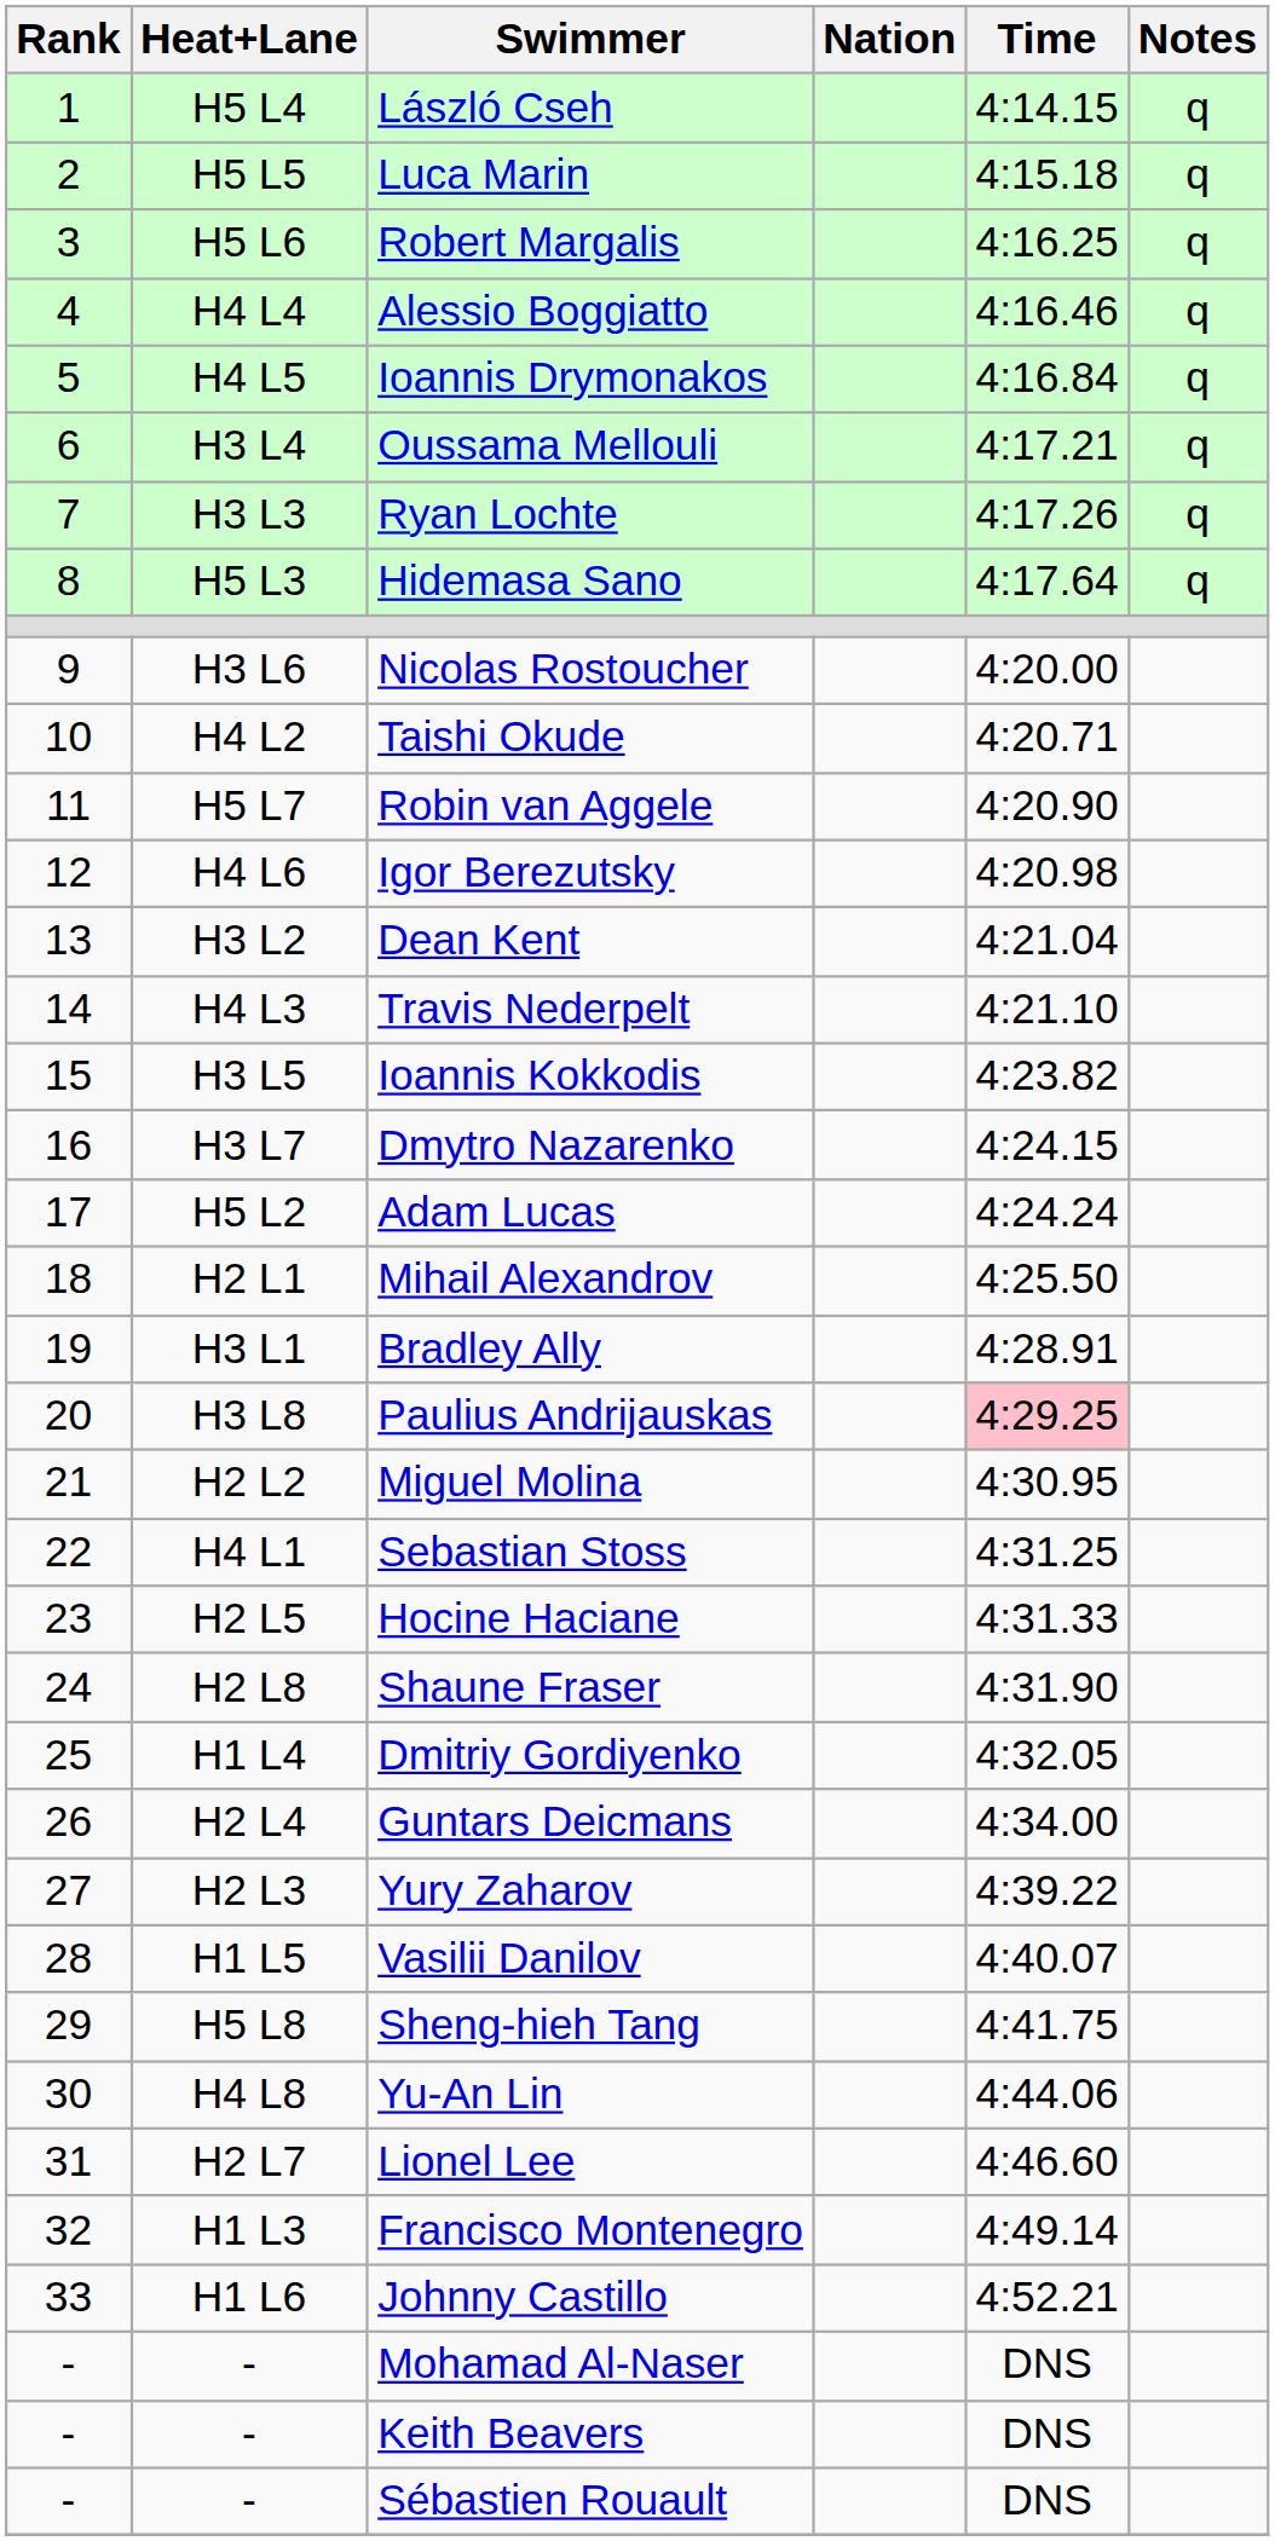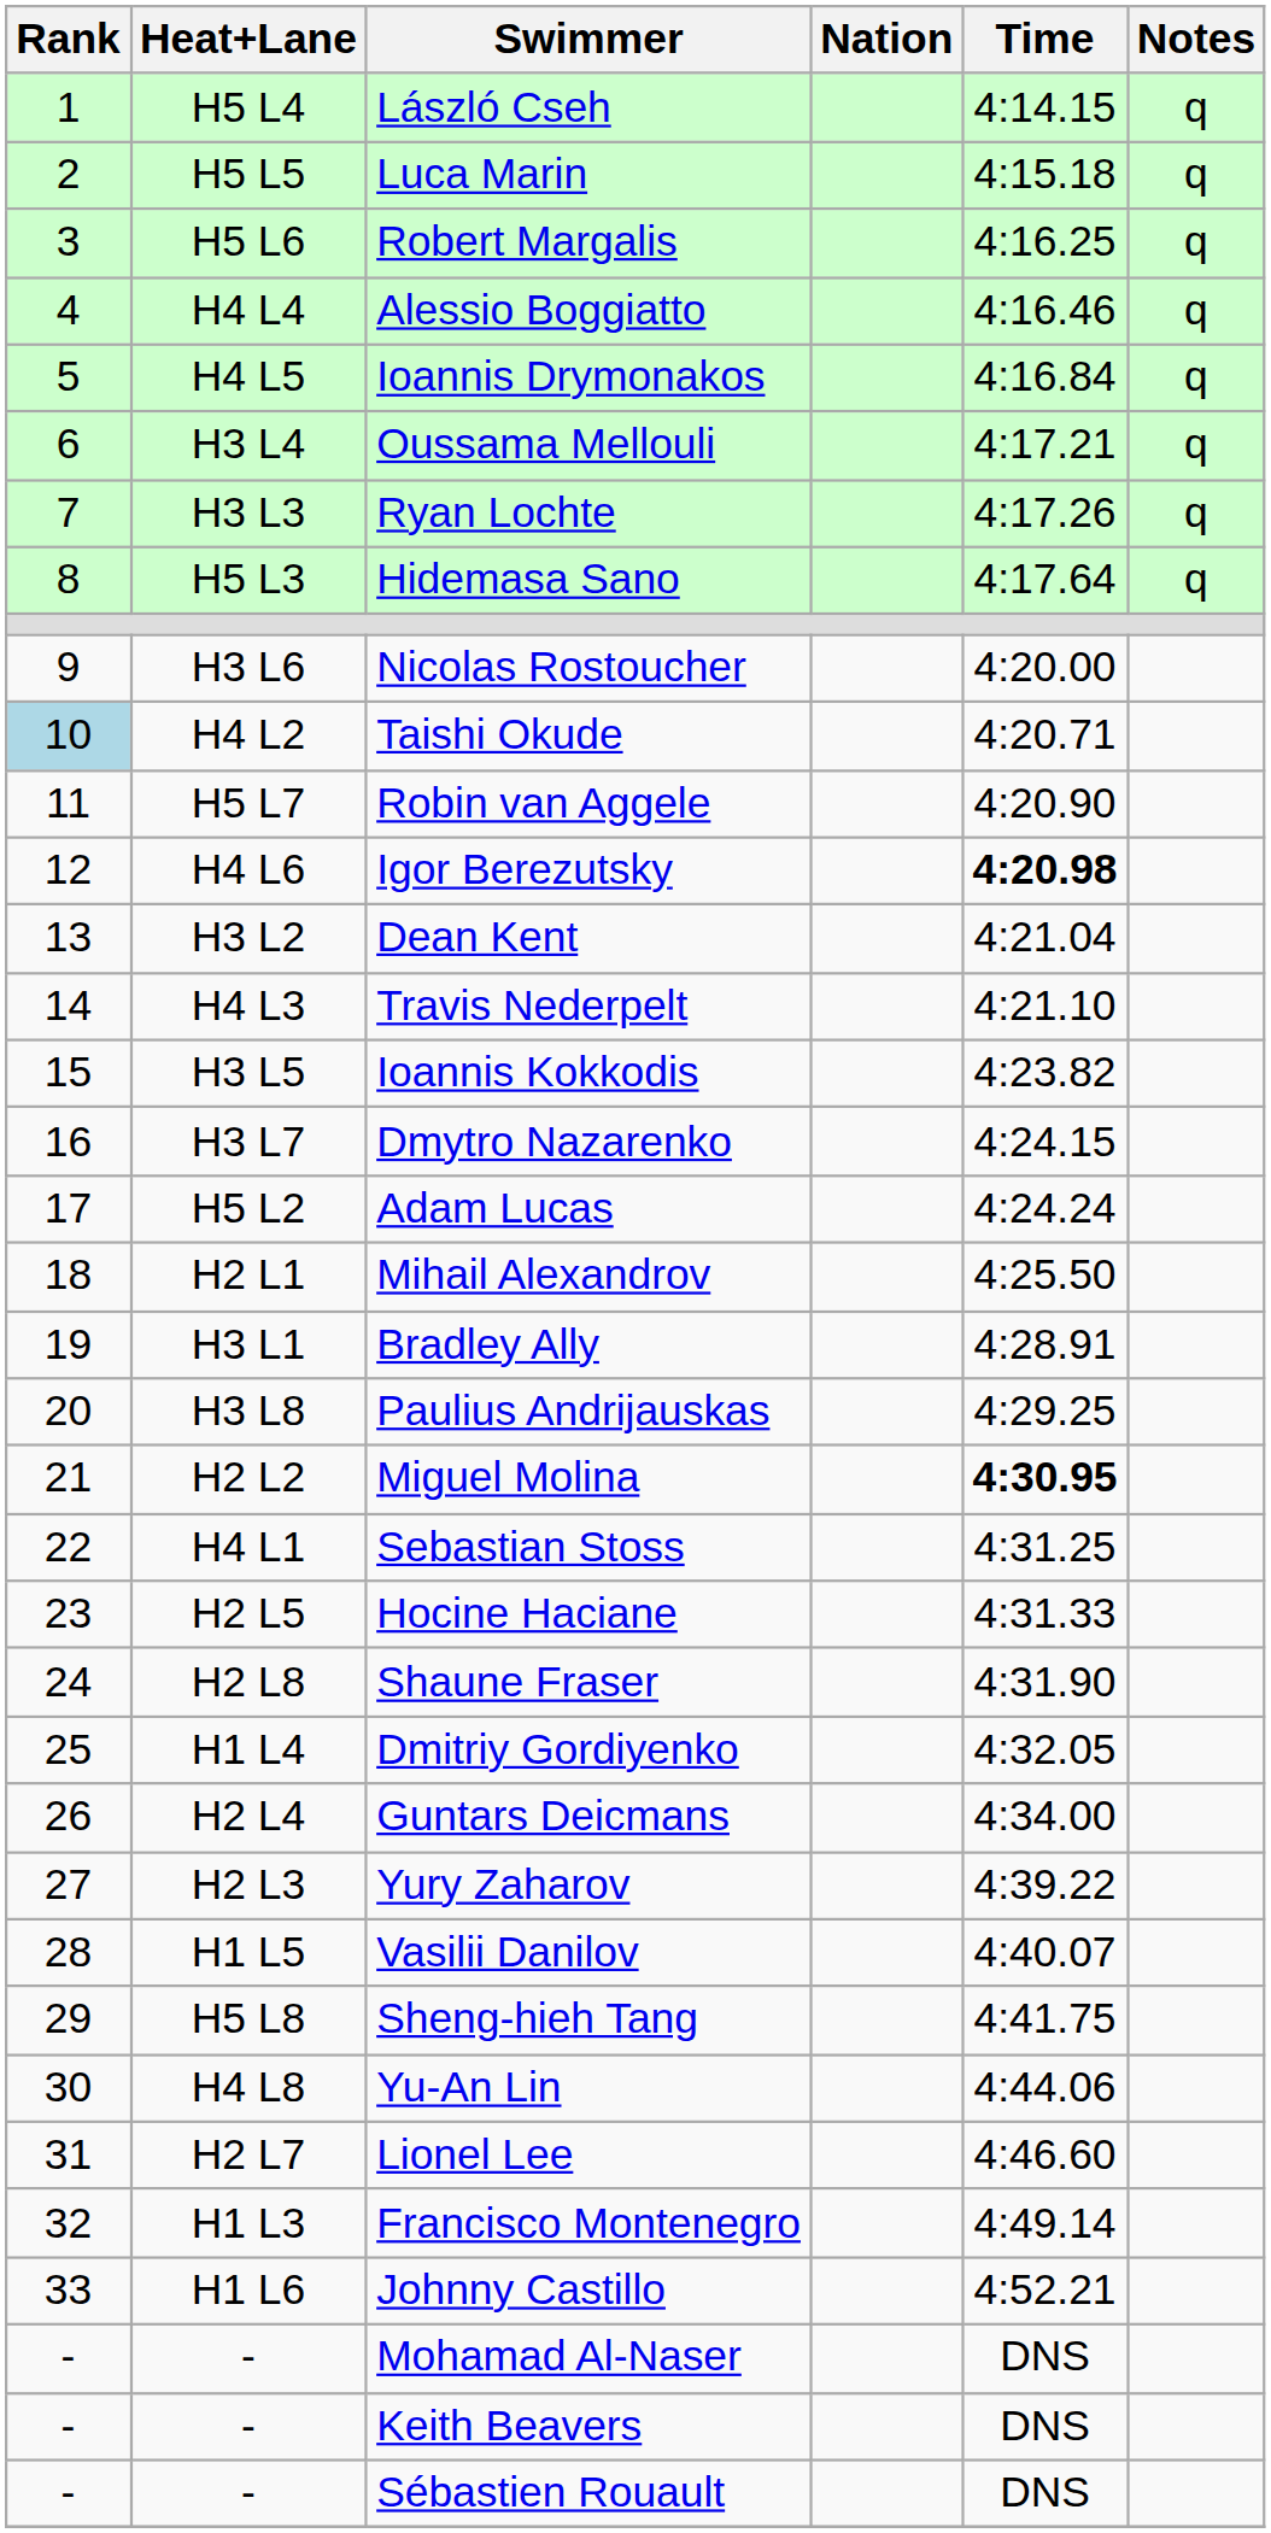 <table class="wikitable sortable" style="text-align:center">
 <tr>
 <th>Rank</th>
 <th>Heat+Lane</th>
 <th>Swimmer</th>
 <th>Nation</th>
 <th>Time</th>
 <th>Notes</th>
 </tr>
 <tr bgcolor=ccffcc>
 <td>1</td>
 <td>H5 L4</td>
 <td align=left><a href='#'>László Cseh</a></td>
 <td align=left></td>
 <td>4:14.15</td>
 <td>q</td>
 </tr>
 <tr bgcolor=ccffcc>
 <td>2</td>
 <td>H5 L5</td>
 <td align=left><a href='#'>Luca Marin</a></td>
 <td align=left></td>
 <td>4:15.18</td>
 <td>q</td>
 </tr>
 <tr bgcolor=ccffcc>
 <td>3</td>
 <td>H5 L6</td>
 <td align=left><a href='#'>Robert Margalis</a></td>
 <td align=left></td>
 <td>4:16.25</td>
 <td>q</td>
 </tr>
 <tr bgcolor=ccffcc>
 <td>4</td>
 <td>H4 L4</td>
 <td align=left><a href='#'>Alessio Boggiatto</a></td>
 <td align=left></td>
 <td>4:16.46</td>
 <td>q</td>
 </tr>
 <tr bgcolor=ccffcc>
 <td>5</td>
 <td>H4 L5</td>
 <td align=left><a href='#'>Ioannis Drymonakos</a></td>
 <td align=left></td>
 <td>4:16.84</td>
 <td>q</td>
 </tr>
 <tr bgcolor=ccffcc>
 <td>6</td>
 <td>H3 L4</td>
 <td align=left><a href='#'>Oussama Mellouli</a></td>
 <td align=left></td>
 <td>4:17.21</td>
 <td>q</td>
 </tr>
 <tr bgcolor=ccffcc>
 <td>7</td>
 <td>H3 L3</td>
 <td align=left><a href='#'>Ryan Lochte</a></td>
 <td align=left></td>
 <td>4:17.26</td>
 <td>q</td>
 </tr>
 <tr bgcolor=ccffcc>
 <td>8</td>
 <td>H5 L3</td>
 <td align=left><a href='#'>Hidemasa Sano</a></td>
 <td align=left></td>
 <td>4:17.64</td>
 <td>q</td>
 </tr>
 <tr bgcolor=#DDDDDD>
 <td colspan=7></td>
 </tr>
 <tr>
 <td>9</td>
 <td>H3 L6</td>
 <td align=left><a href='#'>Nicolas Rostoucher</a></td>
 <td align=left></td>
 <td>4:20.00</td>
 <td></td>
 </tr>
 <tr>
-<td>10</td>
+<td style="background: lightblue;">10</td>
 <td>H4 L2</td>
 <td align=left><a href='#'>Taishi Okude</a></td>
 <td align=left></td>
 <td>4:20.71</td>
 <td></td>
 </tr>
 <tr>
 <td>11</td>
 <td>H5 L7</td>
 <td align=left><a href='#'>Robin van Aggele</a></td>
 <td align=left></td>
 <td>4:20.90</td>
 <td></td>
 </tr>
 <tr>
 <td>12</td>
 <td>H4 L6</td>
 <td align=left><a href='#'>Igor Berezutsky</a></td>
 <td align=left></td>
-<td>4:20.98</td>
+<td><strong>4:20.98</strong></td>
 <td></td>
 </tr>
 <tr>
 <td>13</td>
 <td>H3 L2</td>
 <td align=left><a href='#'>Dean Kent</a></td>
 <td align=left></td>
 <td>4:21.04</td>
 <td></td>
 </tr>
 <tr>
 <td>14</td>
 <td>H4 L3</td>
 <td align=left><a href='#'>Travis Nederpelt</a></td>
 <td align=left></td>
 <td>4:21.10</td>
 <td></td>
 </tr>
 <tr>
 <td>15</td>
 <td>H3 L5</td>
 <td align=left><a href='#'>Ioannis Kokkodis</a></td>
 <td align=left></td>
 <td>4:23.82</td>
 <td></td>
 </tr>
 <tr>
 <td>16</td>
 <td>H3 L7</td>
 <td align=left><a href='#'>Dmytro Nazarenko</a></td>
 <td align=left></td>
 <td>4:24.15</td>
 <td></td>
 </tr>
 <tr>
 <td>17</td>
 <td>H5 L2</td>
 <td align=left><a href='#'>Adam Lucas</a></td>
 <td align=left></td>
 <td>4:24.24</td>
 <td></td>
 </tr>
 <tr>
 <td>18</td>
 <td>H2 L1</td>
 <td align=left><a href='#'>Mihail Alexandrov</a></td>
 <td align=left></td>
 <td>4:25.50</td>
 <td></td>
 </tr>
 <tr>
 <td>19</td>
 <td>H3 L1</td>
 <td align=left><a href='#'>Bradley Ally</a></td>
 <td align=left></td>
 <td>4:28.91</td>
 <td></td>
 </tr>
 <tr>
 <td>20</td>
 <td>H3 L8</td>
 <td align=left><a href='#'>Paulius Andrijauskas</a></td>
 <td align=left></td>
-<td style="background: pink;">4:29.25</td>
+<td>4:29.25</td>
 <td></td>
 </tr>
 <tr>
 <td>21</td>
 <td>H2 L2</td>
 <td align=left><a href='#'>Miguel Molina</a></td>
 <td align=left></td>
-<td>4:30.95</td>
+<td><strong>4:30.95</strong></td>
 <td></td>
 </tr>
 <tr>
 <td>22</td>
 <td>H4 L1</td>
 <td align=left><a href='#'>Sebastian Stoss</a></td>
 <td align=left></td>
 <td>4:31.25</td>
 <td></td>
 </tr>
 <tr>
 <td>23</td>
 <td>H2 L5</td>
 <td align=left><a href='#'>Hocine Haciane</a></td>
 <td align=left></td>
 <td>4:31.33</td>
 <td></td>
 </tr>
 <tr>
 <td>24</td>
 <td>H2 L8</td>
 <td align=left><a href='#'>Shaune Fraser</a></td>
 <td align=left></td>
 <td>4:31.90</td>
 <td></td>
 </tr>
 <tr>
 <td>25</td>
 <td>H1 L4</td>
 <td align=left><a href='#'>Dmitriy Gordiyenko</a></td>
 <td align=left></td>
 <td>4:32.05</td>
 <td></td>
 </tr>
 <tr>
 <td>26</td>
 <td>H2 L4</td>
 <td align=left><a href='#'>Guntars Deicmans</a></td>
 <td align=left></td>
 <td>4:34.00</td>
 <td></td>
 </tr>
 <tr>
 <td>27</td>
 <td>H2 L3</td>
 <td align=left><a href='#'>Yury Zaharov</a></td>
 <td align=left></td>
 <td>4:39.22</td>
 <td></td>
 </tr>
 <tr>
 <td>28</td>
 <td>H1 L5</td>
 <td align=left><a href='#'>Vasilii Danilov</a></td>
 <td align=left></td>
 <td>4:40.07</td>
 <td></td>
 </tr>
 <tr>
 <td>29</td>
 <td>H5 L8</td>
 <td align=left><a href='#'>Sheng-hieh Tang</a></td>
 <td align=left></td>
 <td>4:41.75</td>
 <td></td>
 </tr>
 <tr>
 <td>30</td>
 <td>H4 L8</td>
 <td align=left><a href='#'>Yu-An Lin</a></td>
 <td align=left></td>
 <td>4:44.06</td>
 <td></td>
 </tr>
 <tr>
 <td>31</td>
 <td>H2 L7</td>
 <td align=left><a href='#'>Lionel Lee</a></td>
 <td align=left></td>
 <td>4:46.60</td>
 <td></td>
 </tr>
 <tr>
 <td>32</td>
 <td>H1 L3</td>
 <td align=left><a href='#'>Francisco Montenegro</a></td>
 <td align=left></td>
 <td>4:49.14</td>
 <td></td>
 </tr>
 <tr>
 <td>33</td>
 <td>H1 L6</td>
 <td align=left><a href='#'>Johnny Castillo</a></td>
 <td align=left></td>
 <td>4:52.21</td>
 <td></td>
 </tr>
 <tr>
 <td>-</td>
 <td>-</td>
 <td align=left><a href='#'>Mohamad Al-Naser</a></td>
 <td align=left></td>
 <td>DNS</td>
 <td></td>
 </tr>
 <tr>
 <td>-</td>
 <td>-</td>
 <td align=left><a href='#'>Keith Beavers</a></td>
 <td align=left></td>
 <td>DNS</td>
 <td></td>
 </tr>
 <tr>
 <td>-</td>
 <td>-</td>
 <td align=left><a href='#'>Sébastien Rouault</a></td>
 <td align=left></td>
 <td>DNS</td>
 <td></td>
 </tr>
 <tr>
 </tr>
 </table>
